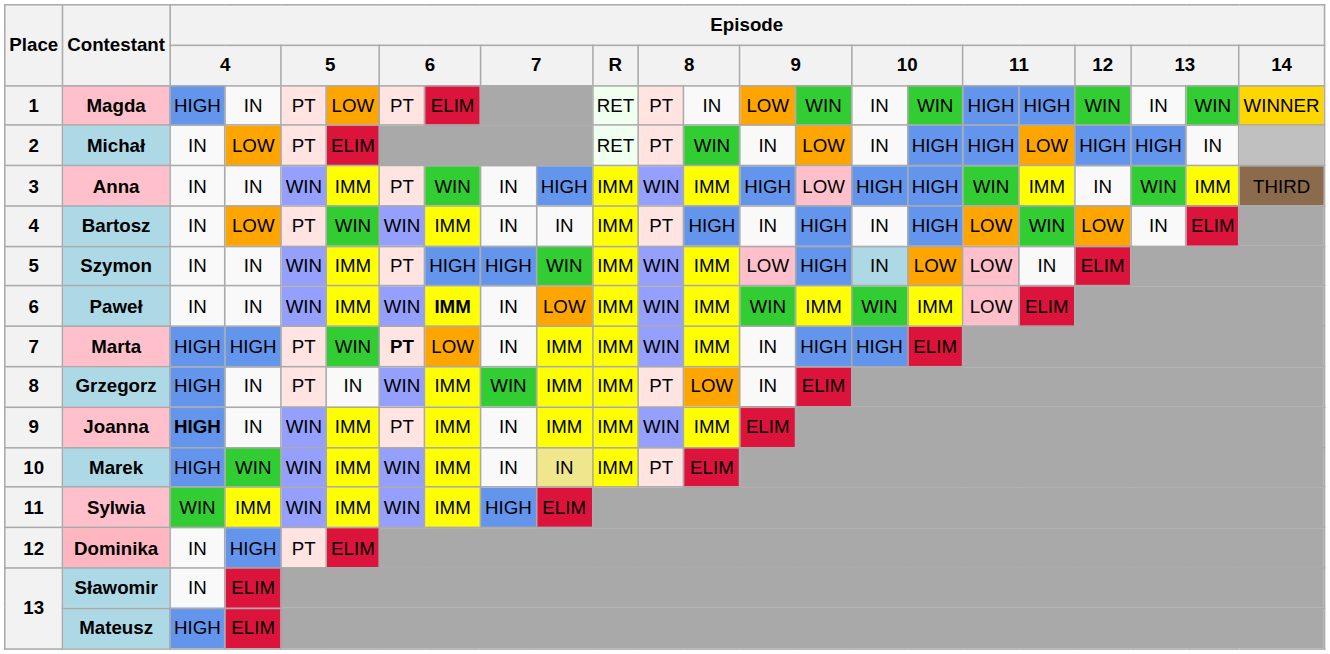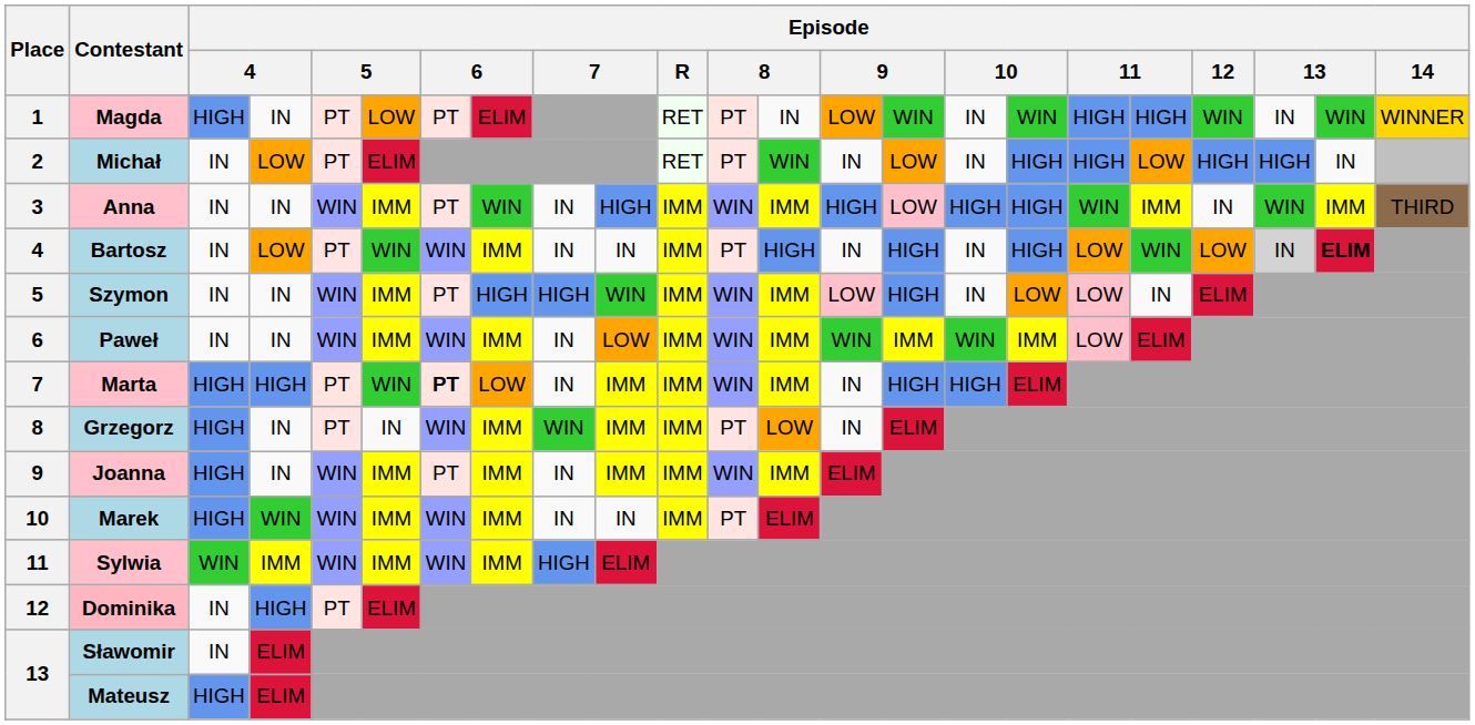 <table class="wikitable" style="text-align: center; font-size: 9pt; line-height:20px;">
 <tr>
 <th rowspan="2">Place</th>
 <th rowspan="2">Contestant</th>
 <th colspan="21">Episode</th>
 </tr>
 <tr>
 <th colspan="2">4</th>
 <th colspan="2">5</th>
 <th colspan="2">6</th>
 <th colspan="2">7</th>
 <th>R</th>
 <th colspan="2">8</th>
 <th colspan="2">9</th>
 <th colspan="2">10</th>
 <th colspan="2">11</th>
 <th>12</th>
 <th colspan="2">13</th>
 <th>14</th>
 </tr>
 <tr>
 <th>1</th>
 <th style="background:pink">Magda</th>
 <td bgcolor=cornflowerblue>HIGH</td>
 <td>IN</td>
 <td bgcolor=mistyrose>PT</td>
 <td bgcolor=orange>LOW</td>
 <td bgcolor=mistyrose>PT</td>
 <td bgcolor=crimson>ELIM</td>
 <td colspan="2" bgcolor=darkgrey></td>
 <td style="background:honeydew">RET</td>
 <td bgcolor=mistyrose>PT</td>
 <td>IN</td>
 <td bgcolor=orange>LOW</td>
 <td bgcolor=limegreen>WIN</td>
 <td>IN</td>
 <td bgcolor=limegreen>WIN</td>
 <td bgcolor=cornflowerblue>HIGH</td>
 <td bgcolor=cornflowerblue>HIGH</td>
 <td bgcolor=limegreen>WIN</td>
 <td>IN</td>
 <td bgcolor=limegreen>WIN</td>
 <td bgcolor=gold>WINNER</td>
 </tr>
 <tr>
 <th>2</th>
 <th style="background:lightblue">Michał</th>
 <td>IN</td>
 <td bgcolor=orange>LOW</td>
 <td bgcolor=mistyrose>PT</td>
 <td bgcolor=crimson>ELIM</td>
 <td colspan="4" bgcolor=darkgrey></td>
 <td style="background:honeydew">RET</td>
 <td bgcolor=mistyrose>PT</td>
 <td bgcolor=limegreen>WIN</td>
 <td>IN</td>
 <td bgcolor=orange>LOW</td>
 <td>IN</td>
 <td bgcolor=cornflowerblue>HIGH</td>
 <td bgcolor=cornflowerblue>HIGH</td>
 <td bgcolor=orange>LOW</td>
 <td bgcolor=cornflowerblue>HIGH</td>
 <td bgcolor=cornflowerblue>HIGH</td>
 <td>IN</td>
 <td bgcolor=silver></td>
 </tr>
 <tr>
 <th>3</th>
 <th style="background:pink">Anna</th>
 <td>IN</td>
 <td>IN</td>
 <td bgcolor=#959FFD>WIN</td>
 <td bgcolor=yellow>IMM</td>
 <td bgcolor=mistyrose>PT</td>
 <td bgcolor=limegreen>WIN</td>
 <td>IN</td>
 <td bgcolor=cornflowerblue>HIGH</td>
 <td bgcolor=yellow>IMM</td>
 <td bgcolor=#959FFD>WIN</td>
 <td bgcolor=yellow>IMM</td>
 <td bgcolor=cornflowerblue>HIGH</td>
 <td bgcolor=pink>LOW</td>
 <td bgcolor=cornflowerblue>HIGH</td>
 <td bgcolor=cornflowerblue>HIGH</td>
 <td bgcolor=limegreen>WIN</td>
 <td bgcolor=yellow>IMM</td>
 <td>IN</td>
 <td bgcolor=limegreen>WIN</td>
 <td bgcolor=yellow>IMM</td>
 <td bgcolor=#8c6b4d>THIRD</td>
 </tr>
 <tr>
 <th>4</th>
 <th style="background:lightblue">Bartosz</th>
 <td>IN</td>
 <td bgcolor=orange>LOW</td>
 <td bgcolor=mistyrose>PT</td>
 <td bgcolor=limegreen>WIN</td>
 <td bgcolor=#959FFD>WIN</td>
 <td bgcolor=yellow>IMM</td>
 <td>IN</td>
 <td>IN</td>
 <td bgcolor=yellow>IMM</td>
 <td bgcolor=mistyrose>PT</td>
 <td bgcolor=cornflowerblue>HIGH</td>
 <td>IN</td>
 <td bgcolor=cornflowerblue>HIGH</td>
 <td>IN</td>
 <td bgcolor=cornflowerblue>HIGH</td>
 <td bgcolor=orange>LOW</td>
 <td bgcolor=limegreen>WIN</td>
 <td bgcolor=orange>LOW</td>
-<td>IN</td>
-<td bgcolor=crimson>ELIM</td>
+<td style="background: lightgrey;">IN</td>
+<td bgcolor=crimson><strong>ELIM</strong></td>
 <td bgcolor="darkgrey"></td>
 </tr>
 <tr>
 <th>5</th>
 <th style="background:lightblue">Szymon</th>
 <td>IN</td>
 <td>IN</td>
 <td bgcolor=#959FFD>WIN</td>
 <td bgcolor=yellow>IMM</td>
 <td bgcolor=mistyrose>PT</td>
 <td bgcolor=cornflowerblue>HIGH</td>
 <td bgcolor=cornflowerblue>HIGH</td>
 <td bgcolor=limegreen>WIN</td>
 <td bgcolor=yellow>IMM</td>
 <td bgcolor=#959FFD>WIN</td>
 <td bgcolor=yellow>IMM</td>
 <td bgcolor=pink>LOW</td>
 <td bgcolor=cornflowerblue>HIGH</td>
-<td style="background: lightblue;">IN</td>
+<td>IN</td>
 <td bgcolor=orange>LOW</td>
 <td bgcolor=pink>LOW</td>
 <td>IN</td>
 <td bgcolor=crimson>ELIM</td>
 <td colspan="3" bgcolor="darkgrey"></td>
 </tr>
 <tr>
 <th>6</th>
 <th style="background:lightblue">Paweł</th>
 <td>IN</td>
 <td>IN</td>
 <td bgcolor=#959FFD>WIN</td>
 <td bgcolor=yellow>IMM</td>
 <td bgcolor=#959FFD>WIN</td>
-<td bgcolor=yellow><strong>IMM</strong></td>
+<td bgcolor=yellow>IMM</td>
 <td>IN</td>
 <td bgcolor=orange>LOW</td>
 <td bgcolor=yellow>IMM</td>
 <td bgcolor=#959FFD>WIN</td>
 <td bgcolor=yellow>IMM</td>
 <td bgcolor=limegreen>WIN</td>
 <td bgcolor=yellow>IMM</td>
 <td bgcolor=limegreen>WIN</td>
 <td bgcolor=yellow>IMM</td>
 <td bgcolor=pink>LOW</td>
 <td bgcolor=crimson>ELIM</td>
 <td colspan="4" bgcolor="darkgrey"></td>
 </tr>
 <tr>
 <th>7</th>
 <th style="background:pink">Marta</th>
 <td bgcolor=cornflowerblue>HIGH</td>
 <td bgcolor=cornflowerblue>HIGH</td>
 <td bgcolor=mistyrose>PT</td>
 <td bgcolor=limegreen>WIN</td>
 <td bgcolor=mistyrose><strong>PT</strong></td>
 <td bgcolor=orange>LOW</td>
 <td>IN</td>
 <td bgcolor=yellow>IMM</td>
 <td bgcolor=yellow>IMM</td>
 <td bgcolor=#959FFD>WIN</td>
 <td bgcolor=yellow>IMM</td>
 <td>IN</td>
 <td bgcolor=cornflowerblue>HIGH</td>
 <td bgcolor=cornflowerblue>HIGH</td>
 <td bgcolor=crimson>ELIM</td>
 <td colspan="6" bgcolor="darkgrey"></td>
 </tr>
 <tr>
 <th>8</th>
 <th style="background:lightblue">Grzegorz</th>
 <td bgcolor=cornflowerblue>HIGH</td>
 <td>IN</td>
 <td bgcolor=mistyrose>PT</td>
 <td>IN</td>
 <td bgcolor=#959FFD>WIN</td>
 <td bgcolor=yellow>IMM</td>
 <td bgcolor=limegreen>WIN</td>
 <td bgcolor=yellow>IMM</td>
 <td bgcolor=yellow>IMM</td>
 <td bgcolor=mistyrose>PT</td>
 <td bgcolor=orange>LOW</td>
 <td>IN</td>
 <td bgcolor=crimson>ELIM</td>
 <td colspan="8" bgcolor="darkgrey"></td>
 </tr>
 <tr>
 <th>9</th>
 <th style="background:pink">Joanna</th>
-<td bgcolor=cornflowerblue><strong>HIGH</strong></td>
+<td bgcolor=cornflowerblue>HIGH</td>
 <td>IN</td>
 <td bgcolor=#959FFD>WIN</td>
 <td bgcolor=yellow>IMM</td>
 <td bgcolor=mistyrose>PT</td>
 <td bgcolor=yellow>IMM</td>
 <td>IN</td>
 <td bgcolor=yellow>IMM</td>
 <td bgcolor=yellow>IMM</td>
 <td bgcolor=#959FFD>WIN</td>
 <td bgcolor=yellow>IMM</td>
 <td bgcolor=crimson>ELIM</td>
 <td colspan="9" bgcolor="darkgrey"></td>
 </tr>
 <tr>
 <th>10</th>
 <th style="background:lightblue">Marek</th>
 <td bgcolor=cornflowerblue>HIGH</td>
 <td bgcolor=limegreen>WIN</td>
 <td bgcolor=#959FFD>WIN</td>
 <td bgcolor=yellow>IMM</td>
 <td bgcolor=#959FFD>WIN</td>
 <td bgcolor=yellow>IMM</td>
 <td>IN</td>
-<td style="background: khaki;">IN</td>
+<td>IN</td>
 <td bgcolor=yellow>IMM</td>
 <td bgcolor=mistyrose>PT</td>
 <td bgcolor=crimson>ELIM</td>
 <td colspan="10" bgcolor="darkgrey"></td>
 </tr>
 <tr>
 <th>11</th>
 <th style="background:pink">Sylwia</th>
 <td bgcolor=limegreen>WIN</td>
 <td bgcolor=yellow>IMM</td>
 <td bgcolor=#959FFD>WIN</td>
 <td bgcolor=yellow>IMM</td>
 <td bgcolor=#959FFD>WIN</td>
 <td bgcolor=yellow>IMM</td>
 <td bgcolor=cornflowerblue>HIGH</td>
 <td bgcolor=crimson>ELIM</td>
 <td colspan="13" bgcolor="darkgrey"></td>
 </tr>
 <tr>
 <th>12</th>
 <th style="background:lightpink">Dominika</th>
 <td>IN</td>
 <td bgcolor=cornflowerblue>HIGH</td>
 <td bgcolor=mistyrose>PT</td>
 <td bgcolor=crimson>ELIM</td>
 <td colspan="17" bgcolor="darkgrey"></td>
 </tr>
 <tr>
 <th rowspan="2">13</th>
 <th style="background:lightblue">Sławomir</th>
 <td>IN</td>
 <td bgcolor=crimson>ELIM</td>
 <td colspan="19" bgcolor=darkgrey></td>
 </tr>
 <tr>
 <th style="background:lightblue">Mateusz</th>
 <td bgcolor=cornflowerblue>HIGH</td>
 <td bgcolor=crimson>ELIM</td>
 <td colspan="19" bgcolor=darkgrey></td>
 </tr>
 </table>
